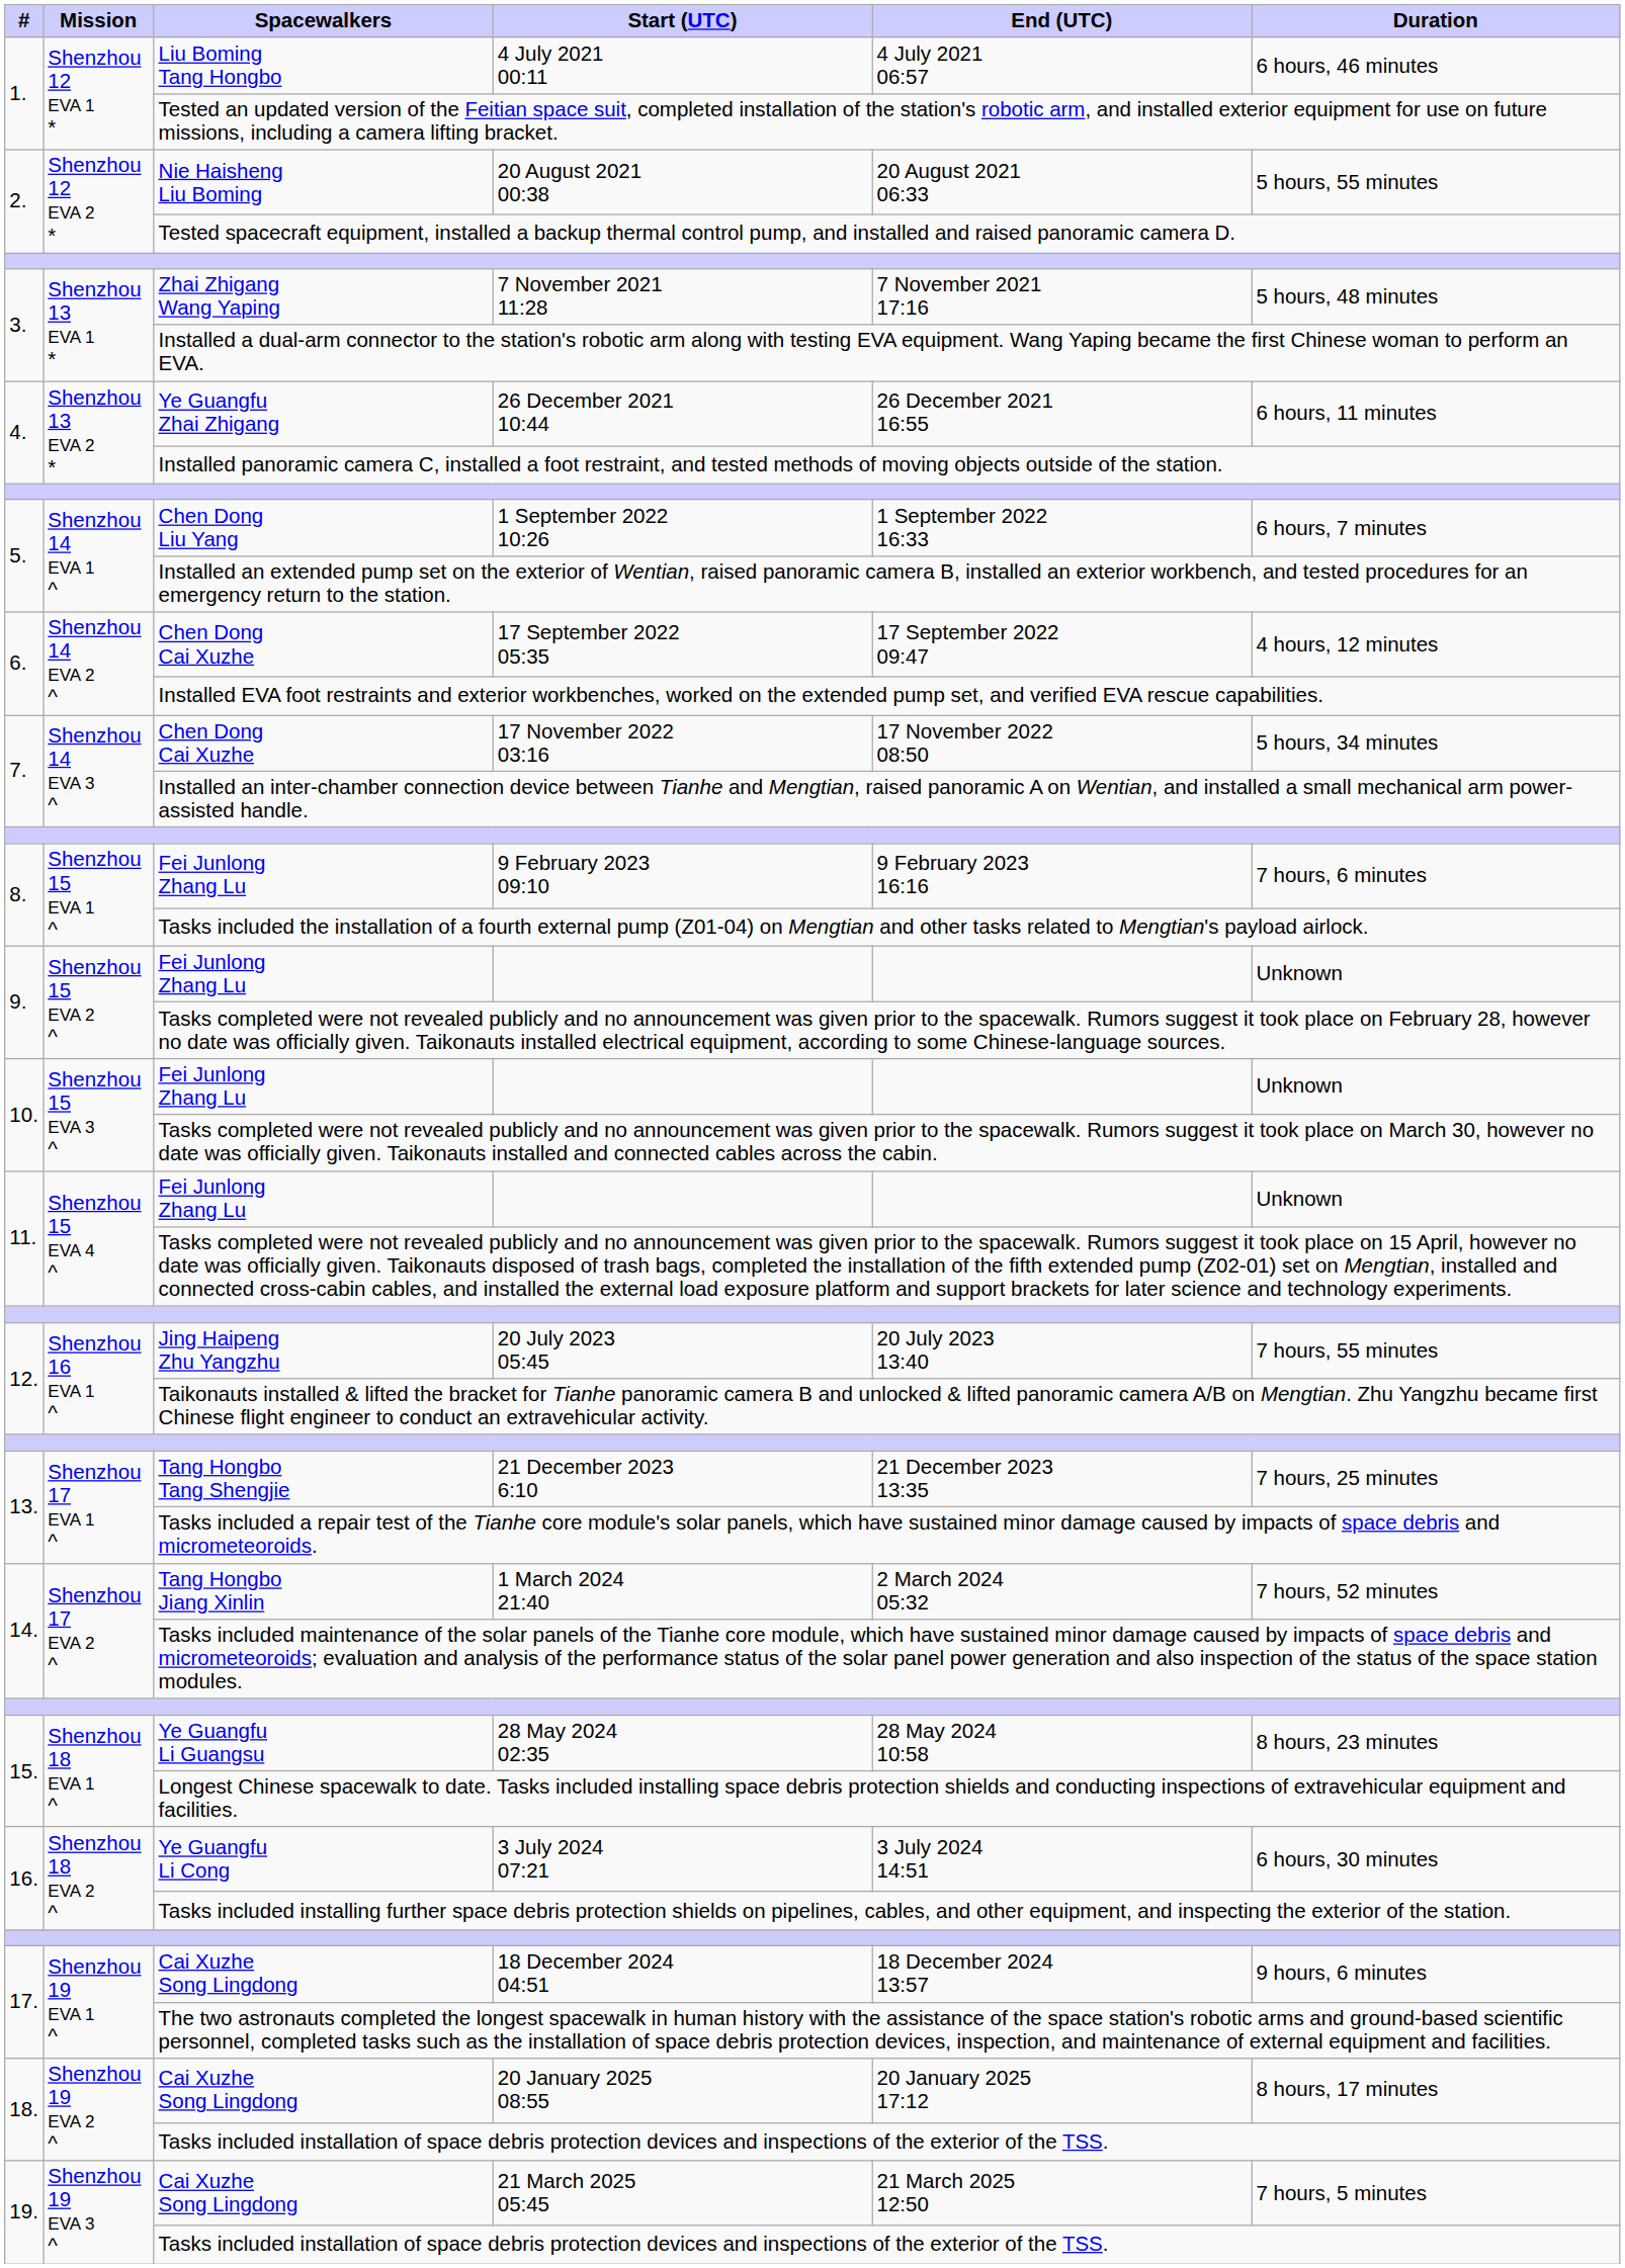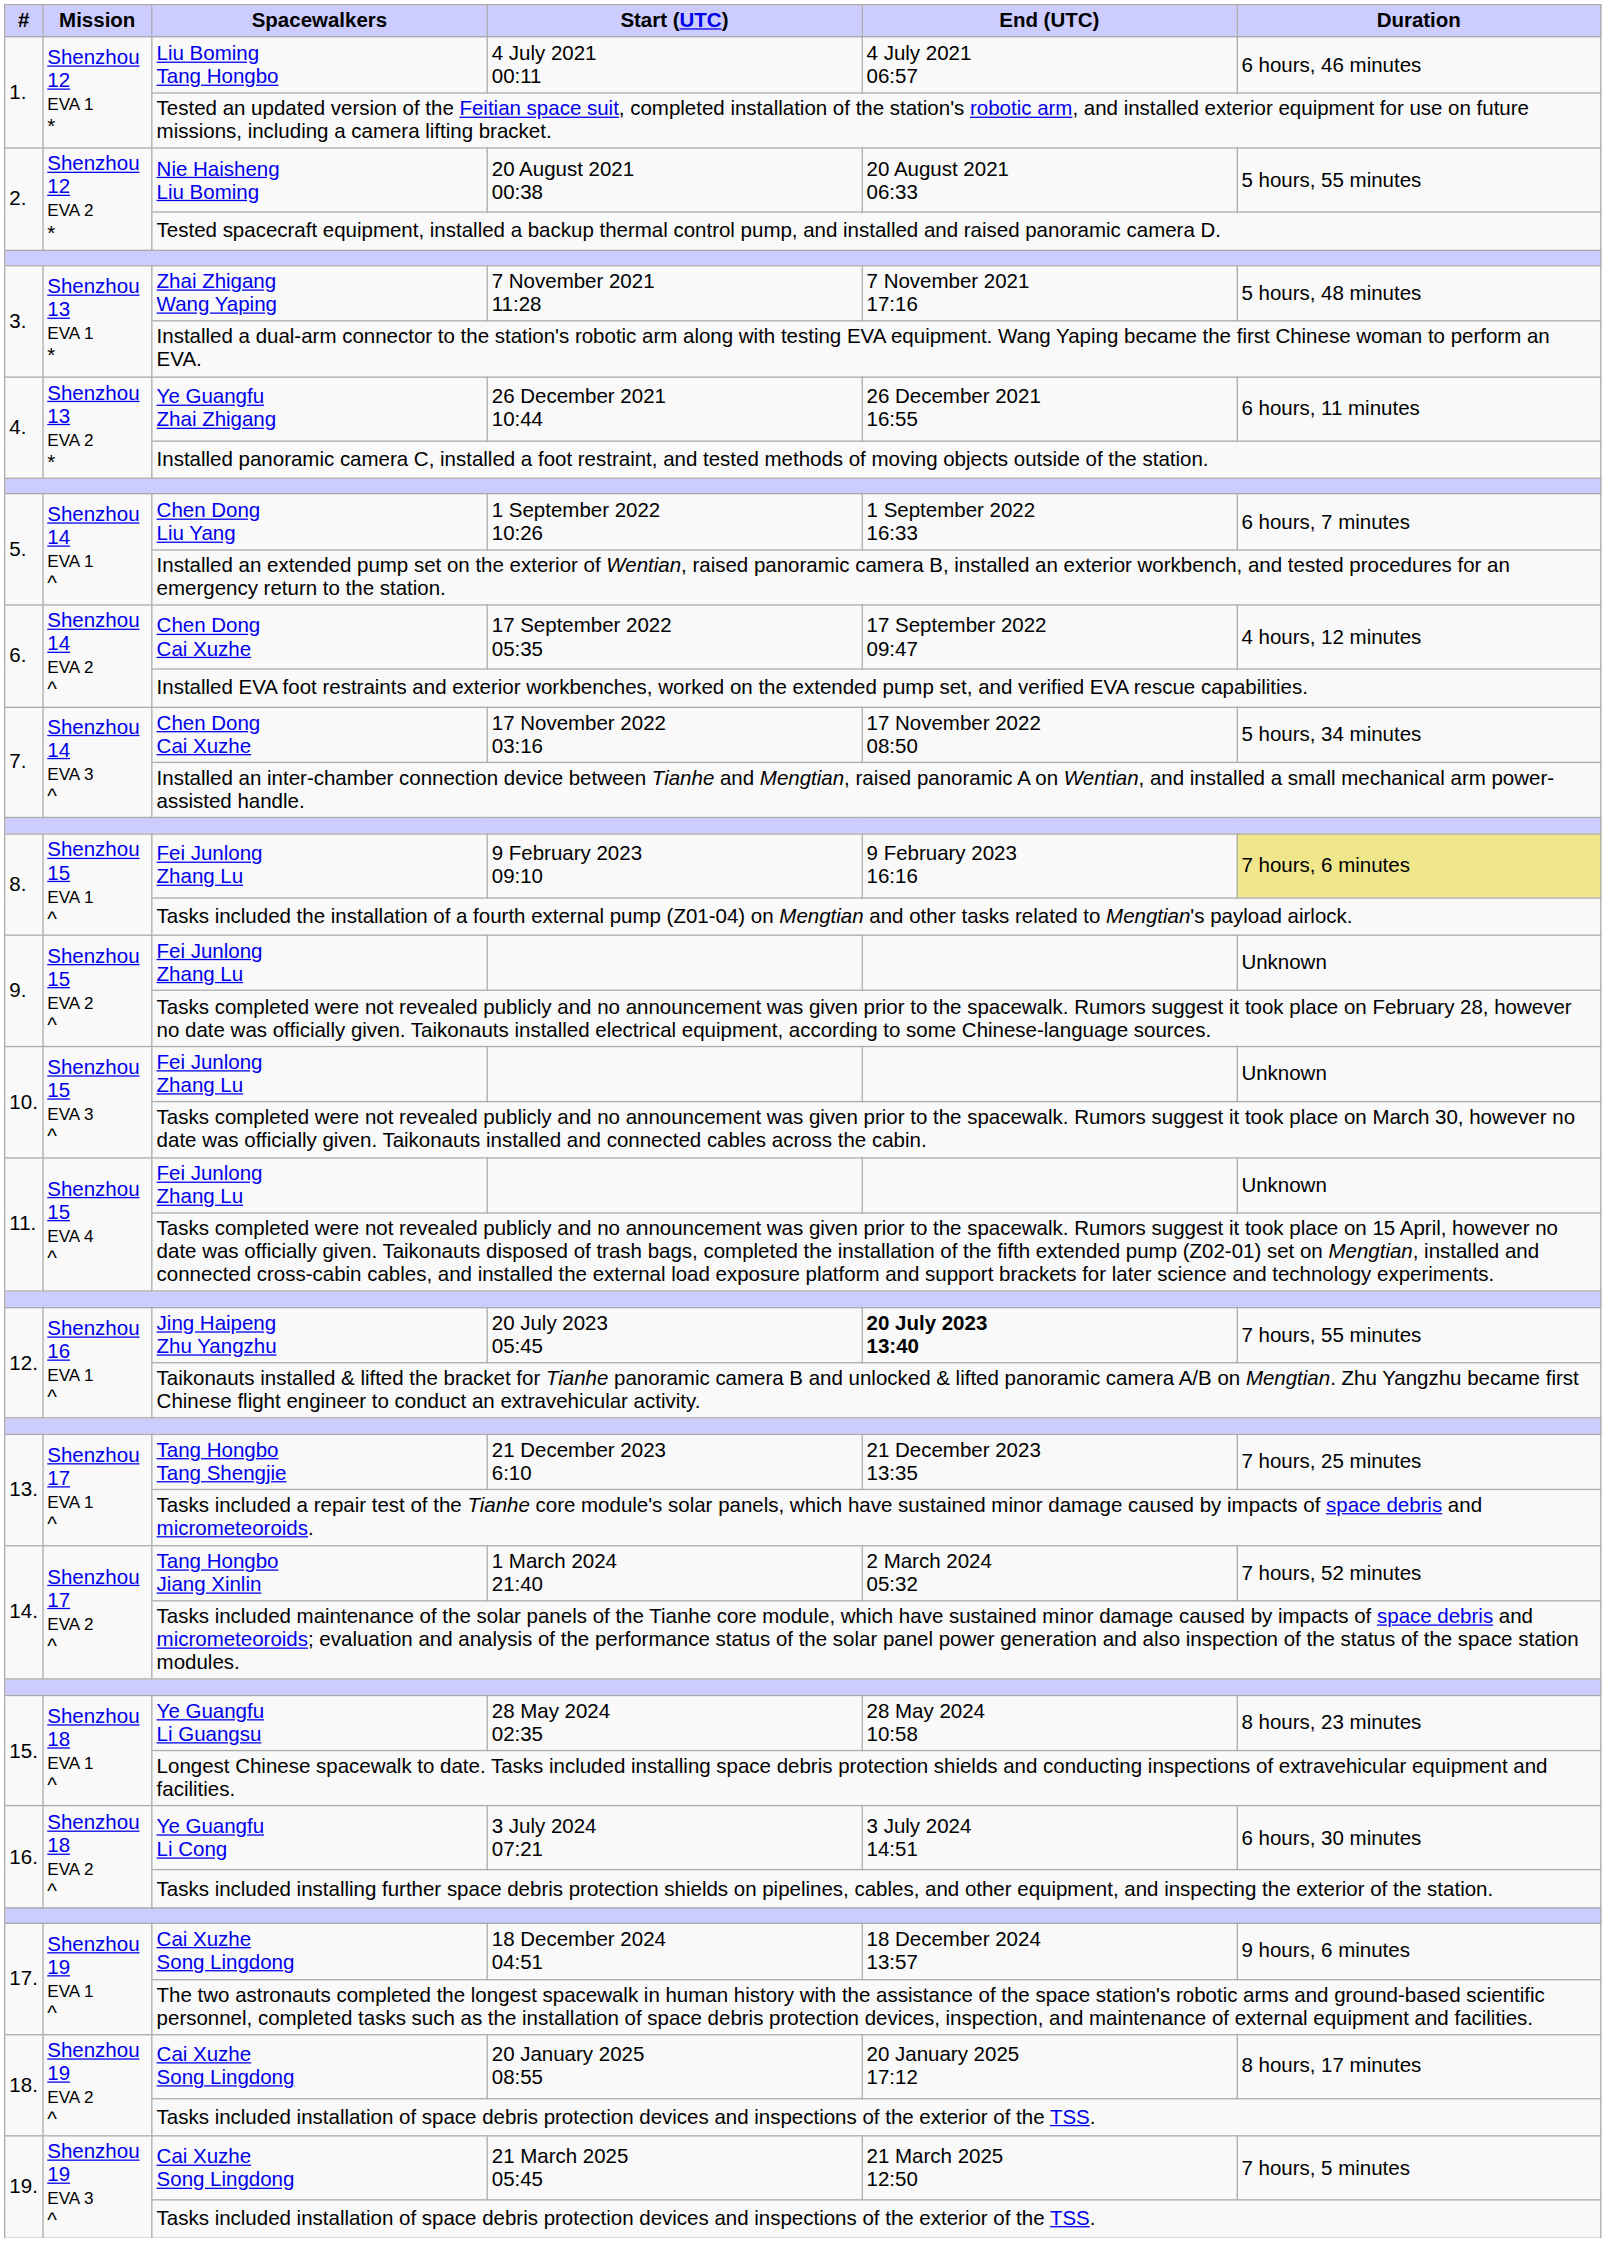 <table class="wikitable sortable sticky-header">
 <tr>
 <th scope="col" style="background-color: #ccccff;">#</th>
 <th scope="col" style="background-color: #ccccff;">Mission</th>
 <th scope="col" style="background-color: #ccccff;">Spacewalkers</th>
 <th scope="col" style="background-color: #ccccff;">Start (<a href='#'>UTC</a>)</th>
 <th scope="col" style="background-color: #ccccff;">End (UTC)</th>
 <th scope="col" style="background-color: #ccccff;">Duration</th>
 </tr>
 <tr>
 <td rowspan="2" scope="row">1.</td>
 <td rowspan="2"><a href='#'>Shenzhou 12</a><br><small>EVA 1</small><br>*</td>
 <td><a href='#'>Liu Boming</a><br><a href='#'>Tang Hongbo</a></td>
 <td>4 July 2021<br>00:11</td>
 <td>4 July 2021<br>06:57</td>
 <td>6 hours, 46 minutes</td>
 </tr>
 <tr>
 <td colspan="4">Tested an updated version of the <a href='#'>Feitian space suit</a>, completed installation of the station's <a href='#'>robotic arm</a>, and installed exterior equipment for use on future missions, including a camera lifting bracket.</td>
 </tr>
 <tr>
 <td rowspan="2" scope="row">2.</td>
 <td rowspan="2"><a href='#'>Shenzhou 12</a><br><small>EVA 2</small><br>*</td>
 <td><a href='#'>Nie Haisheng</a><br><a href='#'>Liu Boming</a></td>
 <td>20 August 2021<br>00:38</td>
 <td>20 August 2021<br>06:33</td>
 <td>5 hours, 55 minutes</td>
 </tr>
 <tr>
 <td colspan="4">Tested spacecraft equipment, installed a backup thermal control pump, and installed and raised panoramic camera D.</td>
 </tr>
 <tr>
 <td colspan="6" bgcolor="#ccccff" height="5px"></td>
 </tr>
 <tr>
 <td rowspan="2" scope="row">3.</td>
 <td rowspan="2"><a href='#'>Shenzhou 13</a><br><small>EVA 1</small><br>*</td>
 <td><a href='#'>Zhai Zhigang</a><br><a href='#'>Wang Yaping</a></td>
 <td>7 November 2021<br>11:28</td>
 <td>7 November 2021<br>17:16</td>
 <td>5 hours, 48 minutes</td>
 </tr>
 <tr>
 <td colspan="4">Installed a dual-arm connector to the station's robotic arm along with testing EVA equipment. Wang Yaping became the first Chinese woman to perform an EVA.</td>
 </tr>
 <tr>
 <td rowspan="2" scope="row">4.</td>
 <td rowspan="2"><a href='#'>Shenzhou 13</a><br><small>EVA 2</small><br>*</td>
 <td><a href='#'>Ye Guangfu</a><br><a href='#'>Zhai Zhigang</a></td>
 <td>26 December 2021<br>10:44</td>
 <td>26 December 2021<br>16:55</td>
 <td>6 hours, 11 minutes</td>
 </tr>
 <tr>
 <td colspan="4">Installed panoramic camera C, installed a foot restraint, and tested methods of moving objects outside of the station.</td>
 </tr>
 <tr>
 <td colspan="6" bgcolor="#ccccff" height="5px"></td>
 </tr>
 <tr>
 <td rowspan="2" scope="row">5.</td>
 <td rowspan="2"><a href='#'>Shenzhou 14</a><br><small>EVA 1</small><br>^</td>
 <td><a href='#'>Chen Dong</a><br><a href='#'>Liu Yang</a></td>
 <td>1 September 2022<br>10:26</td>
 <td>1 September 2022<br>16:33</td>
 <td>6 hours, 7 minutes</td>
 </tr>
 <tr>
 <td colspan="4">Installed an extended pump set on the exterior of <em>Wentian</em>, raised panoramic camera B, installed an exterior workbench, and tested procedures for an emergency return to the station.</td>
 </tr>
 <tr>
 <td rowspan="2" scope="row">6.</td>
 <td rowspan="2"><a href='#'>Shenzhou 14</a><br><small>EVA 2</small><br>^</td>
 <td><a href='#'>Chen Dong</a><br><a href='#'>Cai Xuzhe</a></td>
 <td>17 September 2022<br>05:35</td>
 <td>17 September 2022<br>09:47</td>
 <td>4 hours, 12 minutes</td>
 </tr>
 <tr>
 <td colspan="4">Installed EVA foot restraints and exterior workbenches, worked on the extended pump set, and verified EVA rescue capabilities.</td>
 </tr>
 <tr>
 <td rowspan="2">7.</td>
 <td rowspan="2"><a href='#'>Shenzhou 14</a><br><small>EVA 3</small><br>^</td>
 <td><a href='#'>Chen Dong</a><br><a href='#'>Cai Xuzhe</a></td>
 <td>17 November 2022<br>03:16</td>
 <td>17 November 2022<br>08:50</td>
 <td>5 hours, 34 minutes</td>
 </tr>
 <tr>
 <td colspan="4">Installed an inter-chamber connection device between <em>Tianhe</em> and <em>Mengtian</em>, raised panoramic A on <em>Wentian</em>, and installed a small mechanical arm power-assisted handle.</td>
 </tr>
 <tr>
 <td colspan="6" bgcolor="#ccccff" height="5px"></td>
 </tr>
 <tr>
 <td rowspan="2">8.</td>
 <td rowspan="2"><a href='#'>Shenzhou 15</a><br><small>EVA 1</small><br>^</td>
 <td><a href='#'>Fei Junlong</a><br><a href='#'>Zhang Lu</a></td>
 <td>9 February 2023<br>09:10</td>
 <td>9 February 2023<br>16:16</td>
-<td>7 hours, 6 minutes</td>
+<td style="background: khaki;">7 hours, 6 minutes</td>
 </tr>
 <tr>
 <td colspan="4">Tasks included the installation of a fourth external pump (Z01-04) on <em>Mengtian</em> and other tasks related to <em>Mengtian</em>'s payload airlock.</td>
 </tr>
 <tr>
 <td rowspan="2">9.</td>
 <td rowspan="2"><a href='#'>Shenzhou 15</a><br><small>EVA 2</small><br>^</td>
 <td><a href='#'>Fei Junlong</a><br><a href='#'>Zhang Lu</a></td>
 <td></td>
 <td></td>
 <td>Unknown</td>
 </tr>
 <tr>
 <td colspan="4">Tasks completed were not revealed publicly and no announcement was given prior to the spacewalk. Rumors suggest it took place on February 28, however no date was officially given. Taikonauts installed electrical equipment, according to some Chinese-language sources.</td>
 </tr>
 <tr>
 <td rowspan="2">10.</td>
 <td rowspan="2"><a href='#'>Shenzhou 15</a><br><small>EVA 3</small><br>^</td>
 <td><a href='#'>Fei Junlong</a><br><a href='#'>Zhang Lu</a></td>
 <td></td>
 <td></td>
 <td>Unknown</td>
 </tr>
 <tr>
 <td colspan="4">Tasks completed were not revealed publicly and no announcement was given prior to the spacewalk. Rumors suggest it took place on March 30, however no date was officially given. Taikonauts installed and connected cables across the cabin.</td>
 </tr>
 <tr>
 <td rowspan="2">11.</td>
 <td rowspan="2"><a href='#'>Shenzhou 15</a><br><small>EVA 4</small><br>^</td>
 <td><a href='#'>Fei Junlong</a><br><a href='#'>Zhang Lu</a></td>
 <td></td>
 <td></td>
 <td>Unknown</td>
 </tr>
 <tr>
 <td colspan="4">Tasks completed were not revealed publicly and no announcement was given prior to the spacewalk. Rumors suggest it took place on 15 April, however no date was officially given. Taikonauts disposed of trash bags, completed the installation of the fifth extended pump (Z02-01) set on <em>Mengtian</em>, installed and connected cross-cabin cables, and installed the external load exposure platform and support brackets for later science and technology experiments.</td>
 </tr>
 <tr>
 <td colspan="6" bgcolor="#ccccff" height="5px"></td>
 </tr>
 <tr>
 <td rowspan="2">12.</td>
 <td rowspan="2"><a href='#'>Shenzhou 16</a><br><small>EVA 1</small><br>^</td>
 <td><a href='#'>Jing Haipeng</a><br><a href='#'>Zhu Yangzhu</a></td>
 <td>20 July 2023<br>05:45</td>
-<td>20 July 2023<br>13:40</td>
+<td><strong>20 July 2023<br>13:40</strong></td>
 <td>7 hours, 55 minutes</td>
 </tr>
 <tr>
 <td colspan="4">Taikonauts installed & lifted the bracket for <em>Tianhe</em> panoramic camera B and unlocked & lifted panoramic camera A/B on <em>Mengtian</em>. Zhu Yangzhu became first Chinese flight engineer to conduct an extravehicular activity.</td>
 </tr>
 <tr>
 <td colspan="6" bgcolor="#ccccff" height="5px"></td>
 </tr>
 <tr>
 <td rowspan="2">13.</td>
 <td rowspan="2"><a href='#'>Shenzhou 17</a><br><small>EVA 1</small><br>^</td>
 <td><a href='#'>Tang Hongbo</a><br><a href='#'>Tang Shengjie</a></td>
 <td>21 December 2023<br>6:10</td>
 <td>21 December 2023<br>13:35</td>
 <td>7 hours, 25 minutes</td>
 </tr>
 <tr>
 <td colspan="4">Tasks included a repair test of the <em>Tianhe</em> core module's solar panels, which have sustained minor damage caused by impacts of <a href='#'>space debris</a> and <a href='#'>micrometeoroids</a>.</td>
 </tr>
 <tr>
 <td rowspan="2">14.</td>
 <td rowspan="2"><a href='#'>Shenzhou 17</a><br><small>EVA 2</small><br>^</td>
 <td><a href='#'>Tang Hongbo</a><br><a href='#'>Jiang Xinlin</a></td>
 <td>1 March 2024<br>21:40</td>
 <td>2 March 2024<br>05:32</td>
 <td>7 hours, 52 minutes</td>
 </tr>
 <tr>
 <td colspan="4">Tasks included maintenance of the solar panels of the Tianhe core module, which have sustained minor damage caused by impacts of <a href='#'>space debris</a> and <a href='#'>micrometeoroids</a>; evaluation and analysis of the performance status of the solar panel power generation and also inspection of the status of the space station modules.</td>
 </tr>
 <tr>
 <td colspan="6" bgcolor="#ccccff" height="5px"></td>
 </tr>
 <tr>
 <td rowspan="2">15.</td>
 <td rowspan="2"><a href='#'>Shenzhou 18</a><br><small>EVA 1</small><br>^</td>
 <td><a href='#'>Ye Guangfu</a><br><a href='#'>Li Guangsu</a></td>
 <td>28 May 2024<br>02:35</td>
 <td>28 May 2024<br>10:58</td>
 <td>8 hours, 23 minutes</td>
 </tr>
 <tr>
 <td colspan="4">Longest Chinese spacewalk to date. Tasks included installing space debris protection shields and conducting inspections of extravehicular equipment and facilities.</td>
 </tr>
 <tr>
 <td rowspan="2">16.</td>
 <td rowspan="2"><a href='#'>Shenzhou 18</a><br><small>EVA 2</small><br>^</td>
 <td><a href='#'>Ye Guangfu</a><br><a href='#'>Li Cong</a></td>
 <td>3 July 2024<br>07:21</td>
 <td>3 July 2024<br>14:51</td>
 <td>6 hours, 30 minutes</td>
 </tr>
 <tr>
 <td colspan="4">Tasks included installing further space debris protection shields on pipelines, cables, and other equipment, and inspecting the exterior of the station.</td>
 </tr>
 <tr>
 <td colspan="6" bgcolor="#ccccff" height="5px"></td>
 </tr>
 <tr>
 <td rowspan=2>17.</td>
 <td rowspan=2><a href='#'>Shenzhou 19</a><br><small>EVA 1</small><br>^</td>
 <td><a href='#'>Cai Xuzhe</a><br><a href='#'>Song Lingdong</a></td>
 <td>18 December 2024<br>04:51</td>
 <td>18 December 2024<br>13:57</td>
 <td>9 hours, 6 minutes</td>
 </tr>
 <tr>
 <td colspan="4">The two astronauts completed the longest spacewalk in human history with the assistance of the space station's robotic arms and ground-based scientific personnel, completed tasks such as the installation of space debris protection devices, inspection, and maintenance of external equipment and facilities.</td>
 </tr>
 <tr>
 <td rowspan=2>18.</td>
 <td rowspan=2><a href='#'>Shenzhou 19</a><br><small>EVA 2</small><br>^</td>
 <td><a href='#'>Cai Xuzhe</a><br><a href='#'>Song Lingdong</a></td>
 <td>20 January 2025<br>08:55</td>
 <td>20 January 2025<br>17:12</td>
 <td>8 hours, 17 minutes</td>
 </tr>
 <tr>
 <td colspan="4">Tasks included installation of space debris protection devices and inspections of the exterior of the <a href='#'>TSS</a>.</td>
 </tr>
 <tr>
 <td rowspan=2>19.</td>
 <td rowspan=2><a href='#'>Shenzhou 19</a><br><small>EVA 3</small><br>^</td>
 <td><a href='#'>Cai Xuzhe</a><br><a href='#'>Song Lingdong</a></td>
 <td>21 March 2025<br>05:45</td>
 <td>21 March 2025<br>12:50</td>
 <td>7 hours, 5 minutes</td>
 </tr>
 <tr>
 <td colspan="4">Tasks included installation of space debris protection devices and inspections of the exterior of the <a href='#'>TSS</a>.</td>
 </tr>
 </table>
